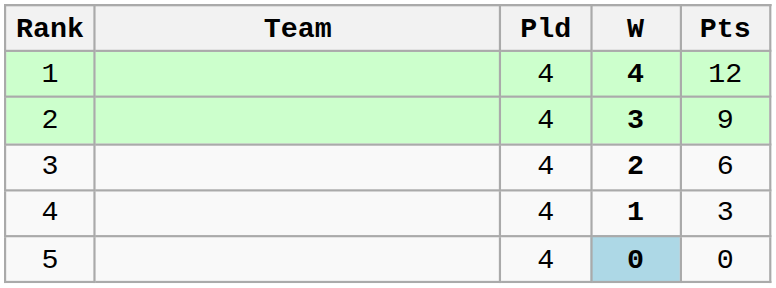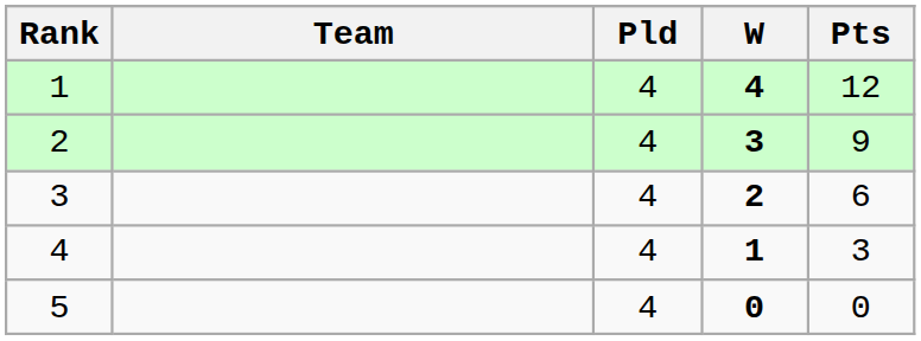 <table class="wikitable">
 <tr>
 </tr>
 <tr>
 <th style="width:35px;">Rank</th>
 <th style="width:180px;">Team</th>
 <th style="width:35px;">Pld</th>
 <th style="width:35px;">W</th>
 <th style="width:35px;">Pts</th>
 </tr>
 <tr bgcolor=#ccffcc>
 <td align=center>1</td>
 <td></td>
 <td align=center>4</td>
 <td align=center><strong>4</strong></td>
 <td align=center>12</td>
 </tr>
 <tr bgcolor=#ccffcc>
 <td align=center>2</td>
 <td></td>
 <td align=center>4</td>
 <td align=center><strong>3</strong></td>
 <td align=center>9</td>
 </tr>
 <tr>
 <td align=center>3</td>
 <td></td>
 <td align=center>4</td>
 <td align=center><strong>2</strong></td>
 <td align=center>6</td>
 </tr>
 <tr>
 <td align=center>4</td>
 <td></td>
 <td align=center>4</td>
 <td align=center><strong>1</strong></td>
 <td align=center>3</td>
 </tr>
 <tr>
 <td align=center>5</td>
 <td></td>
 <td align=center>4</td>
-<td align=center style="background: lightblue;"><strong>0</strong></td>
+<td align=center><strong>0</strong></td>
 <td align=center>0</td>
 </tr>
 </table>
